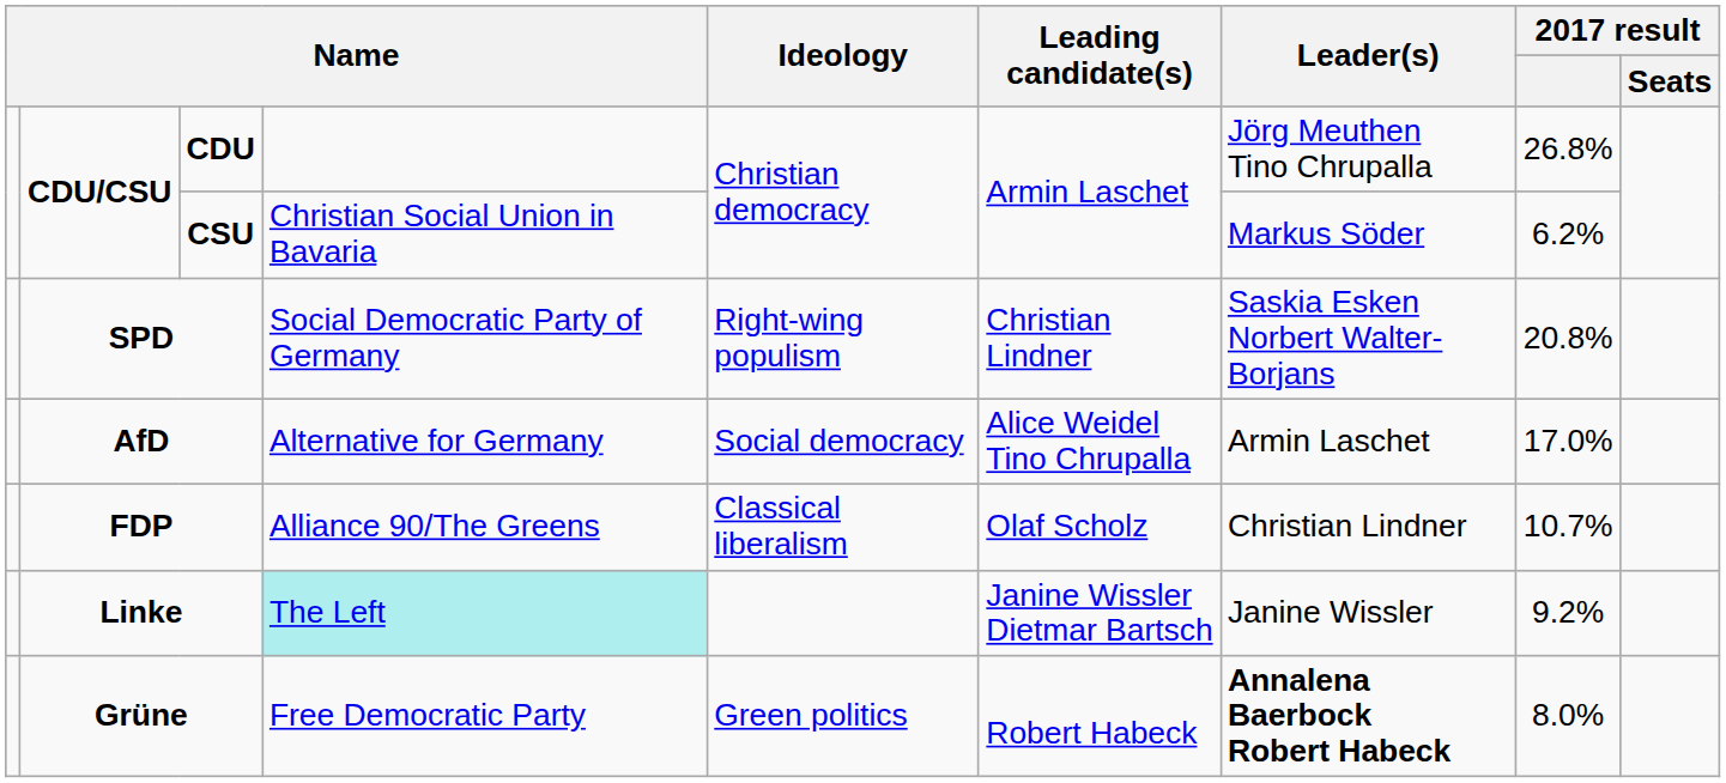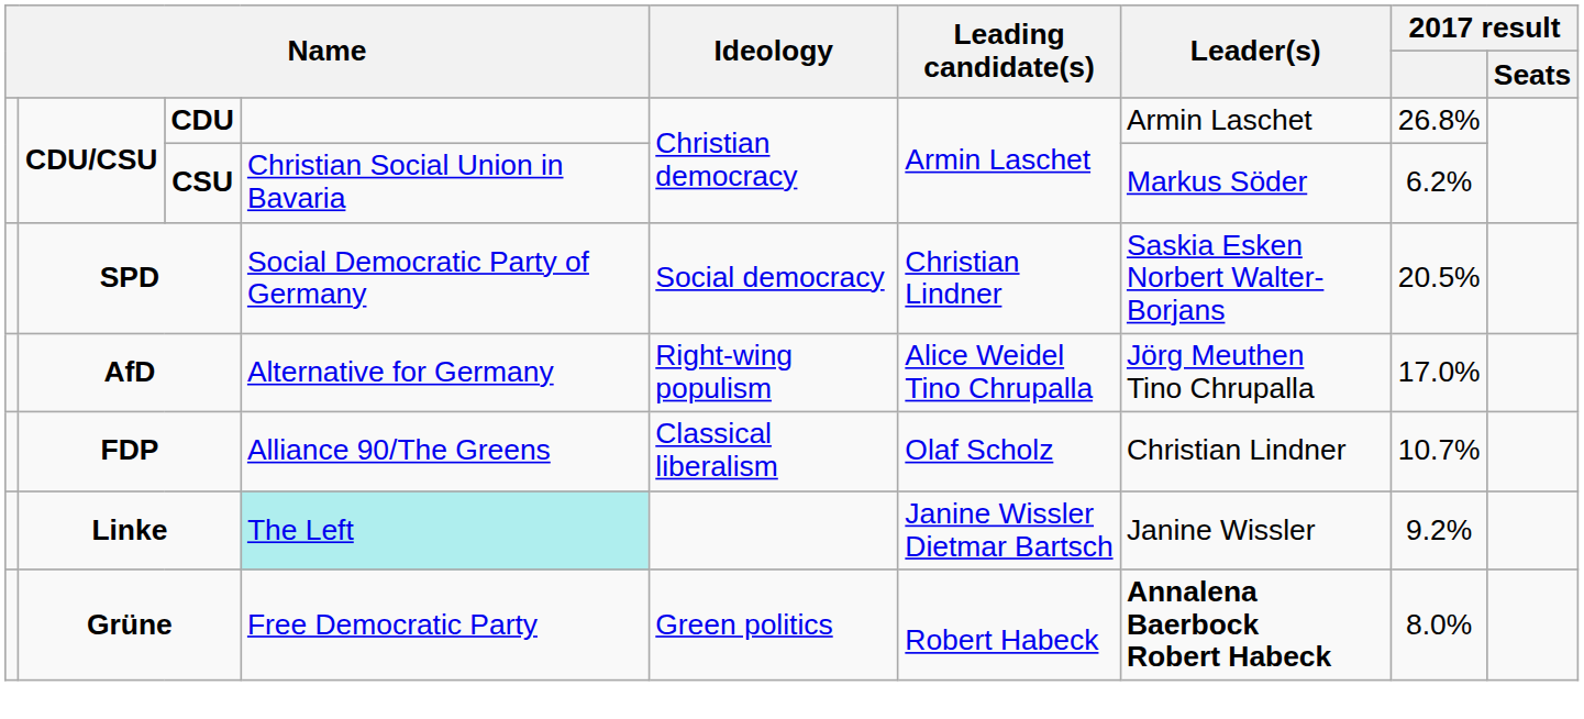 <table class="wikitable">
 <tr>
 <th colspan="4" rowspan="2">Name</th>
 <th rowspan="2">Ideology</th>
 <th rowspan="2">Leading<br>candidate(s)</th>
 <th rowspan="2">Leader(s)</th>
 <th colspan="2">2017 result</th>
 </tr>
 <tr>
 <th></th>
 <th>Seats</th>
 </tr>
 <tr>
 <td rowspan="2" style="background:"></td>
 <td rowspan="2" style="text-align:center;"><strong>CDU/CSU</strong></td>
 <td style="text-align:center;"><strong>CDU</strong></td>
 <td></td>
 <td rowspan="2"><a href='#'>Christian democracy</a></td>
 <td rowspan="2"><a href='#'>Armin Laschet</a></td>
-<td><a href='#'>Jörg Meuthen</a><br>Tino Chrupalla</td>
+<td>Armin Laschet</td>
 <td style="text-align:center;">26.8%</td>
 <td rowspan="2"></td>
 </tr>
 <tr>
 <td style="text-align:center;"><strong>CSU</strong></td>
 <td><a href='#'>Christian Social Union in Bavaria</a><br></td>
 <td><a href='#'>Markus Söder</a></td>
 <td style="text-align:center;">6.2%</td>
 </tr>
 <tr>
 <td style="background:"></td>
 <td colspan="2" style="text-align:center;"><strong>SPD</strong></td>
 <td><a href='#'>Social Democratic Party of Germany</a><br></td>
-<td><a href='#'>Right-wing populism</a></td>
+<td><a href='#'>Social democracy</a></td>
 <td><a href='#'>Christian Lindner</a></td>
 <td><a href='#'>Saskia Esken</a><br><a href='#'>Norbert Walter-Borjans</a></td>
-<td style="text-align:center;">20.8%</td>
+<td style="text-align:center;">20.5%</td>
 <td></td>
 </tr>
 <tr>
 <td style="background:"></td>
 <td colspan="2" style="text-align:center;"><strong>AfD</strong></td>
 <td><a href='#'>Alternative for Germany</a><br></td>
-<td><a href='#'>Social democracy</a></td>
+<td><a href='#'>Right-wing populism</a></td>
 <td><a href='#'>Alice Weidel</a><br><a href='#'>Tino Chrupalla</a></td>
-<td>Armin Laschet</td>
+<td><a href='#'>Jörg Meuthen</a><br>Tino Chrupalla</td>
 <td style="text-align:center;">17.0%</td>
 <td></td>
 </tr>
 <tr>
 <td style="background:"></td>
 <td colspan="2" style="text-align:center;"><strong>FDP</strong></td>
 <td><a href='#'>Alliance 90/The Greens</a><br></td>
 <td><a href='#'>Classical liberalism</a></td>
 <td><a href='#'>Olaf Scholz</a></td>
 <td>Christian Lindner</td>
 <td style="text-align:center;">10.7%</td>
 <td></td>
 </tr>
 <tr>
 <td style="background:"></td>
 <td colspan="2" style="text-align:center;"><strong>Linke</strong></td>
 <td style="background: paleturquoise;"><a href='#'>The Left</a><br></td>
 <td></td>
 <td><a href='#'>Janine Wissler</a><br><a href='#'>Dietmar Bartsch</a></td>
 <td>Janine Wissler<br></td>
 <td style="text-align:center;">9.2%</td>
 <td></td>
 </tr>
 <tr>
 <td style="background:"></td>
 <td colspan="2" style="text-align:center;"><strong>Grüne</strong></td>
 <td><a href='#'>Free Democratic Party</a><br></td>
 <td><a href='#'>Green politics</a></td>
 <td><br><a href='#'>Robert Habeck</a></td>
 <td><strong>Annalena Baerbock<br>Robert Habeck</strong></td>
 <td style="text-align:center;">8.0%</td>
 <td></td>
 </tr>
 </table>
